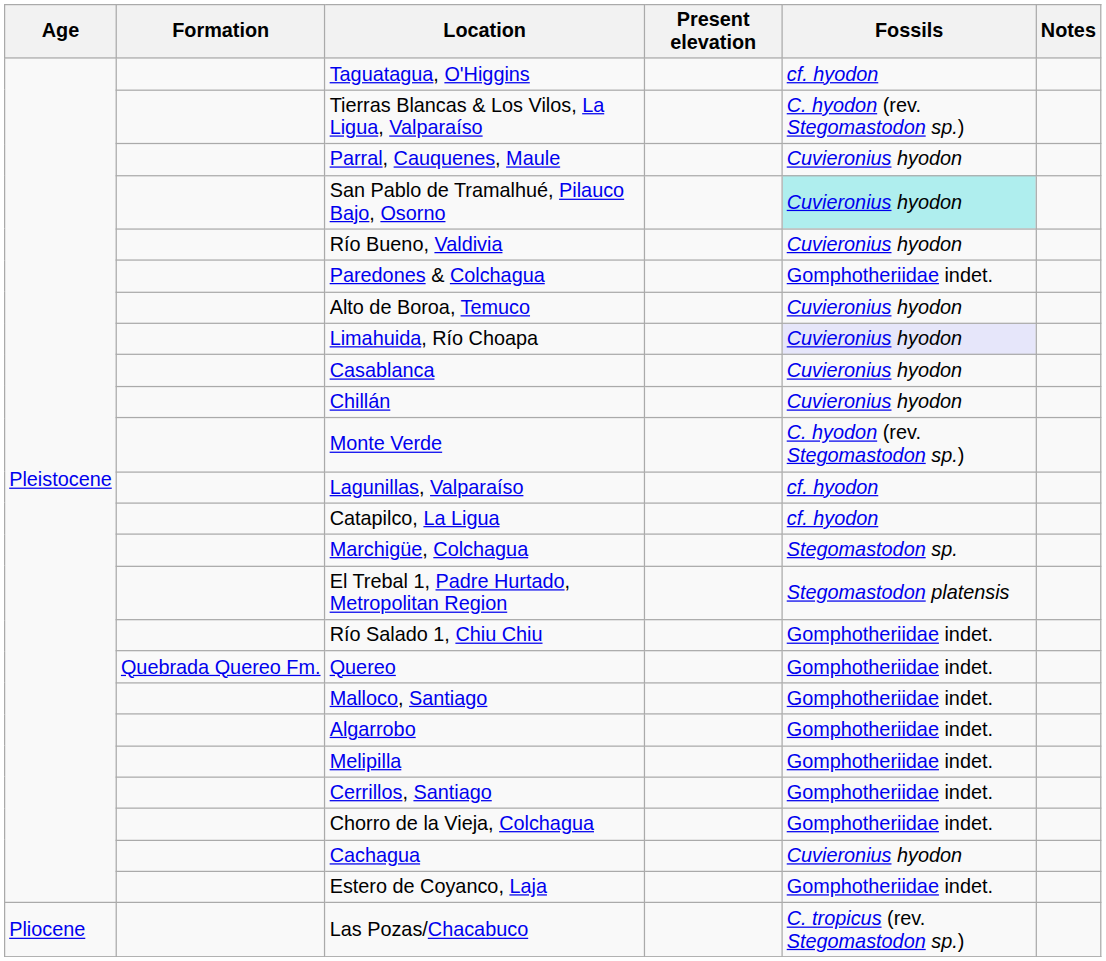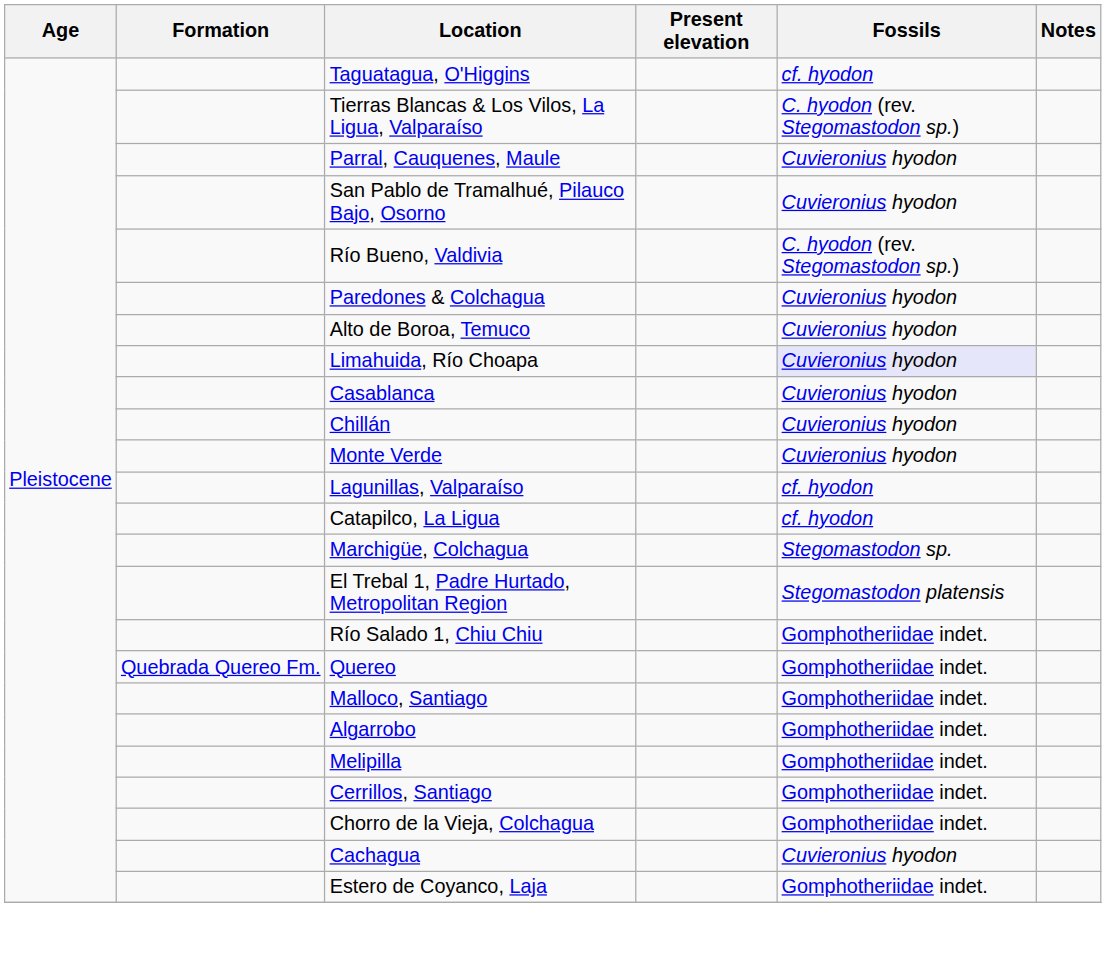 <table class="wikitable sortable" style="width: 70%;">
 <tr>
 <th>Age</th>
 <th>Formation</th>
 <th>Location</th>
 <th>Present elevation</th>
 <th>Fossils</th>
 <th class="unsortable">Notes</th>
 </tr>
 <tr>
 <td rowspan=24 style="background-color: "><a href='#'>Pleistocene</a></td>
 <td></td>
 <td><a href='#'>Taguatagua</a>, <a href='#'>O'Higgins</a></td>
 <td></td>
 <td><em><a href='#'>cf. hyodon</a></em></td>
 <td></td>
 </tr>
 <tr>
 <td></td>
 <td>Tierras Blancas & Los Vilos, <a href='#'>La Ligua</a>, <a href='#'>Valparaíso</a></td>
 <td></td>
 <td><em><a href='#'>C. hyodon</a></em> (rev. <em><a href='#'>Stegomastodon</a> sp.</em>)</td>
 <td></td>
 </tr>
 <tr>
 <td></td>
 <td><a href='#'>Parral</a>, <a href='#'>Cauquenes</a>, <a href='#'>Maule</a></td>
 <td></td>
 <td><em><a href='#'>Cuvieronius</a> hyodon</em></td>
 <td></td>
 </tr>
 <tr>
 <td></td>
 <td>San Pablo de Tramalhué, <a href='#'>Pilauco Bajo</a>, <a href='#'>Osorno</a></td>
 <td></td>
-<td style="background: paleturquoise;"><em><a href='#'>Cuvieronius</a> hyodon</em></td>
+<td><em><a href='#'>Cuvieronius</a> hyodon</em></td>
 <td></td>
 </tr>
 <tr>
 <td></td>
 <td>Río Bueno, <a href='#'>Valdivia</a></td>
 <td></td>
-<td><em><a href='#'>Cuvieronius</a> hyodon</em></td>
+<td><em><a href='#'>C. hyodon</a></em> (rev. <em><a href='#'>Stegomastodon</a> sp.</em>)</td>
 <td></td>
 </tr>
 <tr>
 <td></td>
 <td><a href='#'>Paredones</a> & <a href='#'>Colchagua</a></td>
 <td></td>
-<td><a href='#'>Gomphotheriidae</a> indet.</td>
+<td><em><a href='#'>Cuvieronius</a> hyodon</em></td>
 <td></td>
 </tr>
 <tr>
 <td></td>
 <td>Alto de Boroa, <a href='#'>Temuco</a></td>
 <td></td>
 <td><em><a href='#'>Cuvieronius</a> hyodon</em></td>
 <td></td>
 </tr>
 <tr>
 <td></td>
 <td><a href='#'>Limahuida</a>, Río Choapa</td>
 <td></td>
 <td style="background: lavender;"><em><a href='#'>Cuvieronius</a> hyodon</em></td>
 <td></td>
 </tr>
 <tr>
 <td></td>
 <td><a href='#'>Casablanca</a></td>
 <td></td>
 <td><em><a href='#'>Cuvieronius</a> hyodon</em></td>
 <td></td>
 </tr>
 <tr>
 <td></td>
 <td><a href='#'>Chillán</a></td>
 <td></td>
 <td><em><a href='#'>Cuvieronius</a> hyodon</em></td>
 <td></td>
 </tr>
 <tr>
 <td></td>
 <td><a href='#'>Monte Verde</a></td>
 <td></td>
-<td><em><a href='#'>C. hyodon</a></em> (rev. <em><a href='#'>Stegomastodon</a> sp.</em>)</td>
+<td><em><a href='#'>Cuvieronius</a> hyodon</em></td>
 <td></td>
 </tr>
 <tr>
 <td></td>
 <td><a href='#'>Lagunillas</a>, <a href='#'>Valparaíso</a></td>
 <td></td>
 <td><em><a href='#'>cf. hyodon</a></em></td>
 <td></td>
 </tr>
 <tr>
 <td></td>
 <td>Catapilco, <a href='#'>La Ligua</a></td>
 <td></td>
 <td><em><a href='#'>cf. hyodon</a></em></td>
 <td></td>
 </tr>
 <tr>
 <td></td>
 <td><a href='#'>Marchigüe</a>, <a href='#'>Colchagua</a></td>
 <td></td>
 <td><em><a href='#'>Stegomastodon</a> sp.</em></td>
 <td></td>
 </tr>
 <tr>
 <td></td>
 <td>El Trebal 1, <a href='#'>Padre Hurtado</a>, <a href='#'>Metropolitan Region</a></td>
 <td></td>
 <td><em><a href='#'>Stegomastodon</a> platensis</em></td>
 <td></td>
 </tr>
 <tr>
 <td></td>
 <td>Río Salado 1, <a href='#'>Chiu Chiu</a></td>
 <td></td>
 <td><a href='#'>Gomphotheriidae</a> indet.</td>
 <td></td>
 </tr>
 <tr>
 <td><a href='#'>Quebrada Quereo Fm.</a></td>
 <td><a href='#'>Quereo</a></td>
 <td></td>
 <td><a href='#'>Gomphotheriidae</a> indet.</td>
 <td></td>
 </tr>
 <tr>
 <td></td>
 <td><a href='#'>Malloco</a>, <a href='#'>Santiago</a></td>
 <td></td>
 <td><a href='#'>Gomphotheriidae</a> indet.</td>
 <td></td>
 </tr>
 <tr>
 <td></td>
 <td><a href='#'>Algarrobo</a></td>
 <td></td>
 <td><a href='#'>Gomphotheriidae</a> indet.</td>
 <td></td>
 </tr>
 <tr>
 <td></td>
 <td><a href='#'>Melipilla</a></td>
 <td></td>
 <td><a href='#'>Gomphotheriidae</a> indet.</td>
 <td></td>
 </tr>
 <tr>
 <td></td>
 <td><a href='#'>Cerrillos</a>, <a href='#'>Santiago</a></td>
 <td></td>
 <td><a href='#'>Gomphotheriidae</a> indet.</td>
 <td></td>
 </tr>
 <tr>
 <td></td>
 <td>Chorro de la Vieja, <a href='#'>Colchagua</a></td>
 <td></td>
 <td><a href='#'>Gomphotheriidae</a> indet.</td>
 <td></td>
 </tr>
 <tr>
 <td></td>
 <td><a href='#'>Cachagua</a></td>
 <td></td>
 <td><em><a href='#'>Cuvieronius</a> hyodon</em></td>
 <td></td>
 </tr>
 <tr>
 <td></td>
 <td>Estero de Coyanco, <a href='#'>Laja</a></td>
 <td></td>
 <td><a href='#'>Gomphotheriidae</a> indet.</td>
 <td></td>
 </tr>
 <tr>
-<td style="background-color: "><a href='#'>Pliocene</a></td>
-<td></td>
-<td>Las Pozas/<a href='#'>Chacabuco</a></td>
-<td></td>
-<td><em><a href='#'>C. tropicus</a></em> (rev. <em><a href='#'>Stegomastodon</a> sp.</em>)</td>
-<td></td>
-</tr>
-<tr>
 </tr>
 </table>
